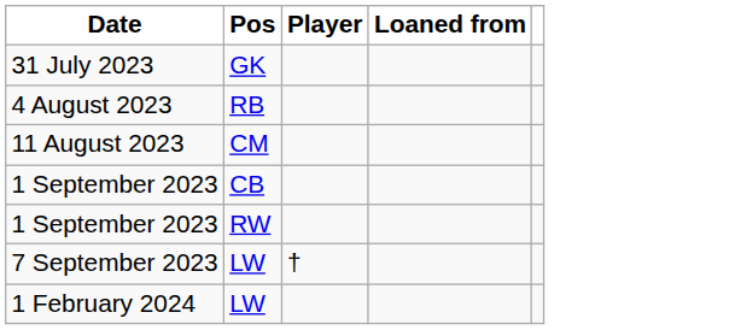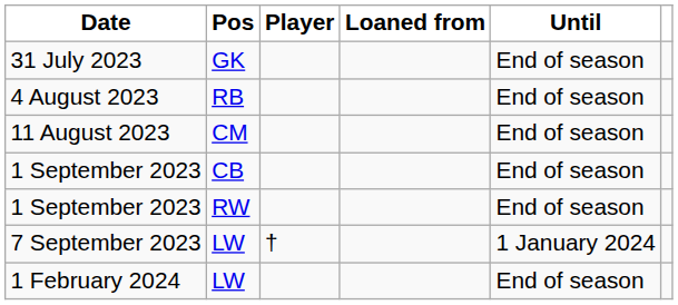 <table class="wikitable plainrowheaders sortable">
 <tr>
 <th style="background-color: white; color:black; ">Date</th>
 <th style="background-color: white; color:black; ">Pos</th>
 <th style="background-color: white; color:black; ">Player</th>
 <th style="background-color: white; color:black; ">Loaned from</th>
+<th style="background-color: white; color:black; ">Until</th>
 <th style="background-color: white; color:black; "></th>
 </tr>
 <tr>
 <td>31 July 2023</td>
 <td><a href='#'>GK</a></td>
 <td></td>
 <td></td>
+<td>End of season</td>
 <td></td>
 </tr>
 <tr>
 <td>4 August 2023</td>
 <td><a href='#'>RB</a></td>
 <td></td>
 <td></td>
+<td>End of season</td>
 <td></td>
 </tr>
 <tr>
 <td>11 August 2023</td>
 <td><a href='#'>CM</a></td>
 <td></td>
 <td></td>
+<td>End of season</td>
 <td></td>
 </tr>
 <tr>
 <td>1 September 2023</td>
 <td><a href='#'>CB</a></td>
 <td></td>
 <td></td>
+<td>End of season</td>
 <td></td>
 </tr>
 <tr>
 <td>1 September 2023</td>
 <td><a href='#'>RW</a></td>
 <td></td>
 <td></td>
+<td>End of season</td>
 <td></td>
 </tr>
 <tr>
 <td>7 September 2023</td>
 <td><a href='#'>LW</a></td>
 <td> †</td>
 <td></td>
+<td>1 January 2024</td>
 <td></td>
 </tr>
 <tr>
 <td>1 February 2024</td>
 <td><a href='#'>LW</a></td>
 <td></td>
 <td></td>
+<td>End of season</td>
 <td></td>
 </tr>
 </table>
